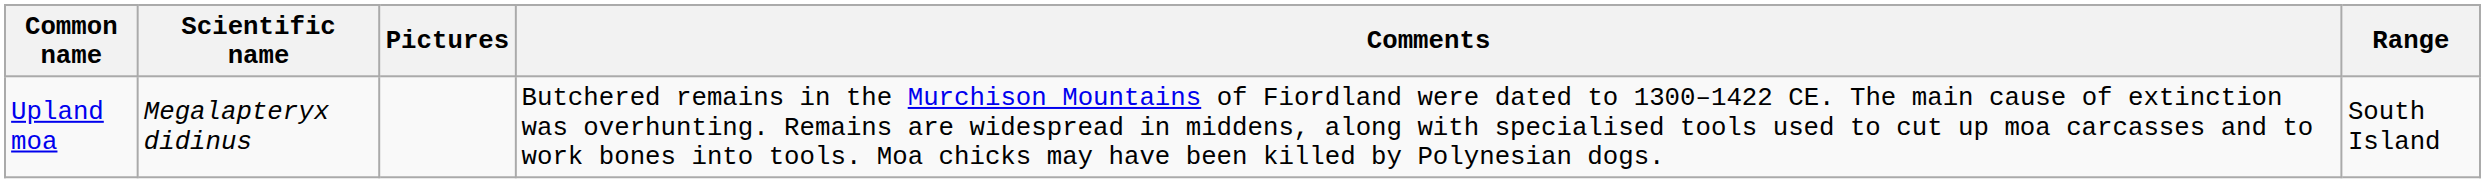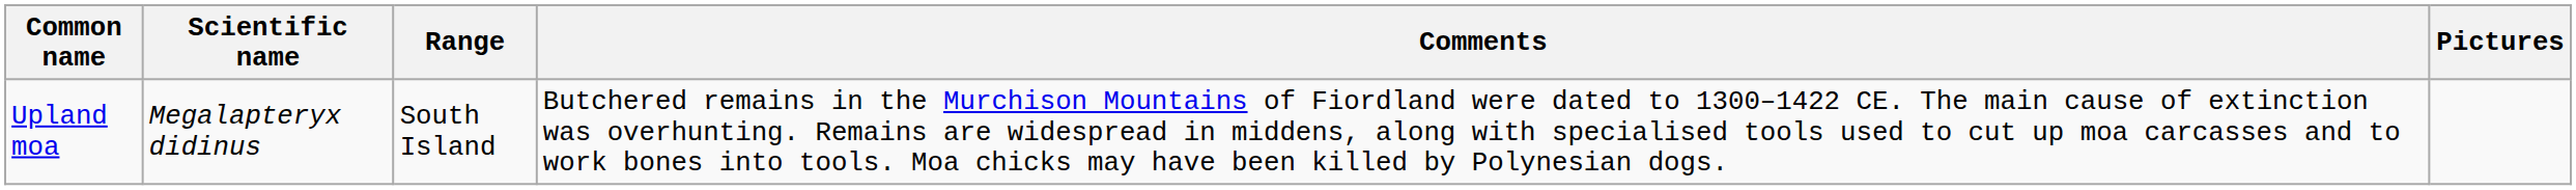 <table class="wikitable">
 <tr>
 <th>Common name</th>
 <th>Scientific name</th>
+<th>Range</th>
+<th class="unsortable">Comments</th>
 <th class="unsortable">Pictures</th>
-<th class="unsortable">Comments</th>
-<th>Range</th>
 </tr>
 <tr>
 <td><a href='#'>Upland moa</a></td>
 <td><em>Megalapteryx didinus</em></td>
+<td>South Island</td>
+<td>Butchered remains in the <a href='#'>Murchison Mountains</a> of Fiordland were dated to 1300–1422 CE. The main cause of extinction was overhunting. Remains are widespread in middens, along with specialised tools used to cut up moa carcasses and to work bones into tools. Moa chicks may have been killed by Polynesian dogs.</td>
 <td></td>
-<td>Butchered remains in the <a href='#'>Murchison Mountains</a> of Fiordland were dated to 1300–1422 CE. The main cause of extinction was overhunting. Remains are widespread in middens, along with specialised tools used to cut up moa carcasses and to work bones into tools. Moa chicks may have been killed by Polynesian dogs.</td>
-<td>South Island</td>
 </tr>
 </table>
